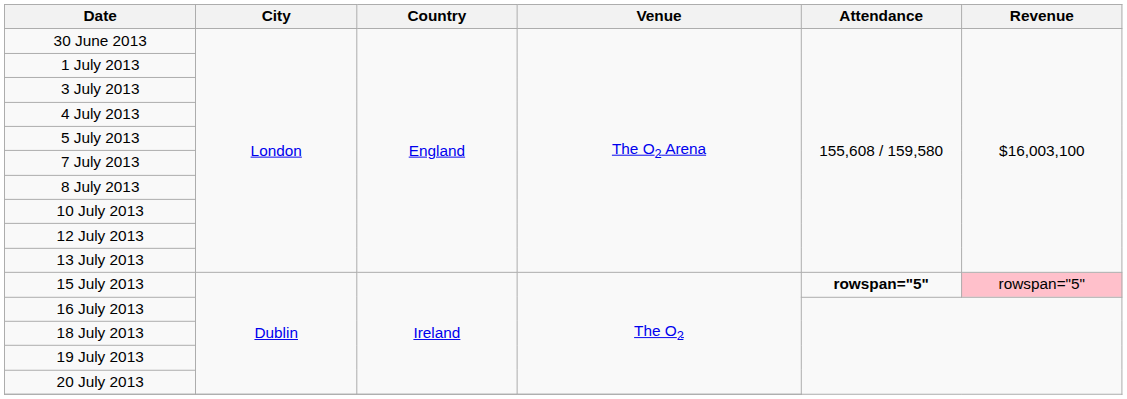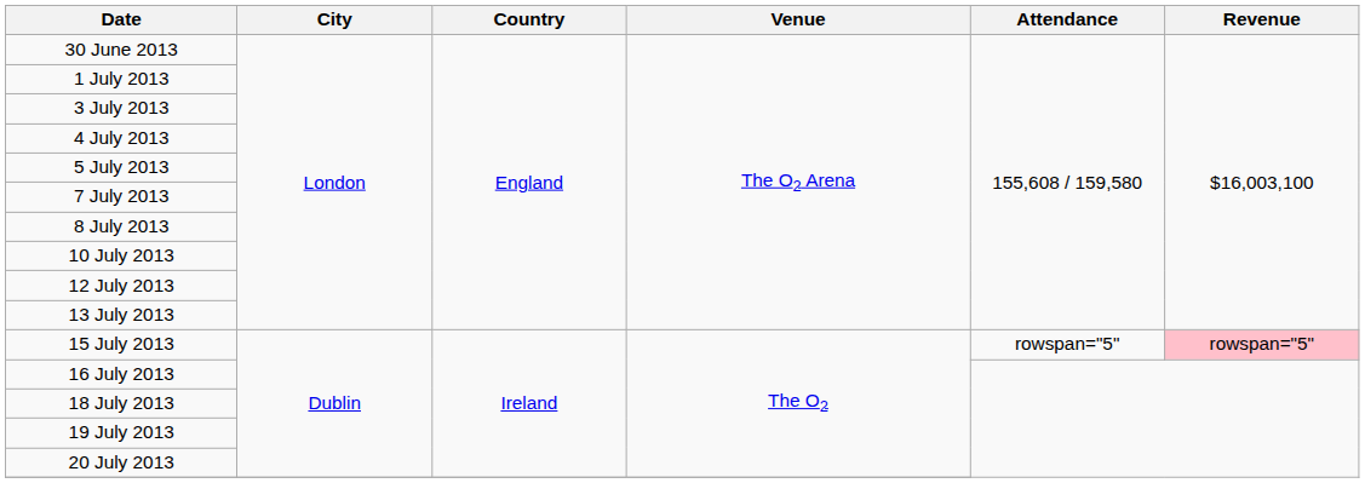 <table class="wikitable" style="text-align:center;">
 <tr>
 <th scope="col" style="width:12em;">Date</th>
 <th scope="col" style="width:10em;">City</th>
 <th scope="col" style="width:10em;">Country</th>
 <th scope="col" style="width:18em;">Venue</th>
 <th scope="col" style="width:10em;">Attendance</th>
 <th scope="col" style="width:10em;">Revenue</th>
 </tr>
 <tr>
 <td>30 June 2013</td>
 <td rowspan="10"><a href='#'>London</a></td>
 <td rowspan="10"><a href='#'>England</a></td>
 <td rowspan="10"><a href='#'>The O<sub>2</sub> Arena</a></td>
 <td rowspan="10">155,608 / 159,580</td>
 <td rowspan="10">$16,003,100</td>
 </tr>
 <tr>
 <td>1 July 2013</td>
 </tr>
 <tr>
 <td>3 July 2013</td>
 </tr>
 <tr>
 <td>4 July 2013</td>
 </tr>
 <tr>
 <td>5 July 2013</td>
 </tr>
 <tr>
 <td>7 July 2013</td>
 </tr>
 <tr>
 <td>8 July 2013</td>
 </tr>
 <tr>
 <td>10 July 2013</td>
 </tr>
 <tr>
 <td>12 July 2013</td>
 </tr>
 <tr>
 <td>13 July 2013</td>
 </tr>
 <tr>
 <td>15 July 2013</td>
 <td rowspan="5"><a href='#'>Dublin</a></td>
 <td rowspan="5"><a href='#'>Ireland</a></td>
 <td rowspan="5"><a href='#'>The O<sub>2</sub></a></td>
-<td><strong>rowspan="5" </strong></td>
+<td>rowspan="5" </td>
 <td style="background: pink;">rowspan="5" </td>
 </tr>
 <tr>
 <td>16 July 2013</td>
 </tr>
 <tr>
 <td>18 July 2013</td>
 </tr>
 <tr>
 <td>19 July 2013</td>
 </tr>
 <tr>
 <td>20 July 2013</td>
 </tr>
 <tr>
 </tr>
 </table>
